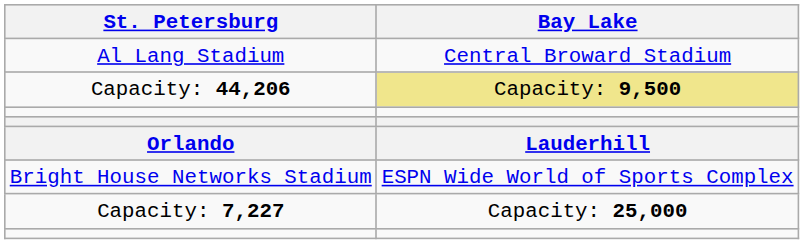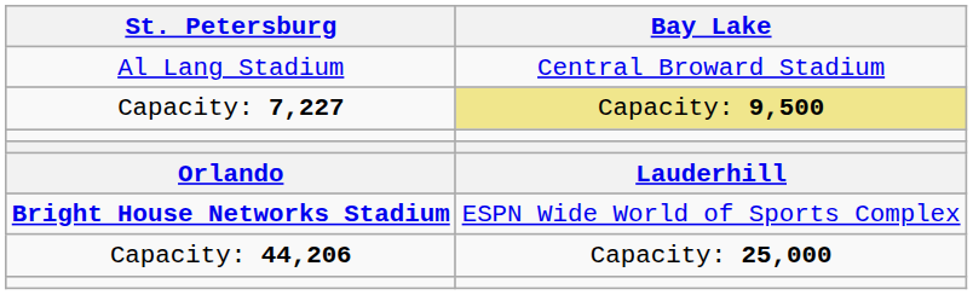 <table class="wikitable" style="text-align:center">
 <tr>
 <th><a href='#'>St. Petersburg</a></th>
 <th><a href='#'>Bay Lake</a></th>
 </tr>
 <tr>
 <td><a href='#'>Al Lang Stadium</a></td>
 <td><a href='#'>Central Broward Stadium</a></td>
 </tr>
 <tr>
-<td>Capacity: <strong>44,206</strong></td>
+<td>Capacity: <strong>7,227</strong></td>
 <td style="background: khaki;">Capacity: <strong>9,500</strong></td>
 </tr>
 <tr>
 <td></td>
 <td></td>
 </tr>
 <tr>
 <th></th>
 <th></th>
 </tr>
 <tr>
 <th><a href='#'>Orlando</a></th>
 <th><a href='#'>Lauderhill</a></th>
 </tr>
 <tr>
-<td><a href='#'>Bright House Networks Stadium</a></td>
+<td><strong><a href='#'>Bright House Networks Stadium</a></strong></td>
 <td><a href='#'>ESPN Wide World of Sports Complex</a></td>
 </tr>
 <tr>
-<td>Capacity: <strong>7,227</strong></td>
+<td>Capacity: <strong>44,206</strong></td>
 <td>Capacity: <strong>25,000</strong></td>
 </tr>
 <tr>
 <td></td>
 <td></td>
 </tr>
 </table>
